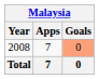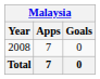 <table class="wikitable" style="text-align:center">
 <tr>
 <th colspan=3><a href='#'>Malaysia</a></th>
 </tr>
 <tr>
 <th>Year</th>
 <th>Apps</th>
 <th>Goals</th>
 </tr>
 <tr>
 <td>2008</td>
 <td>7</td>
-<td style="background: lightsalmon;">0</td>
+<td>0</td>
 </tr>
 <tr>
 <th>Total</th>
 <th>7</th>
 <th>0</th>
 </tr>
 </table>
